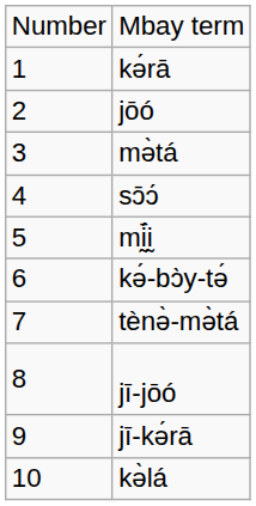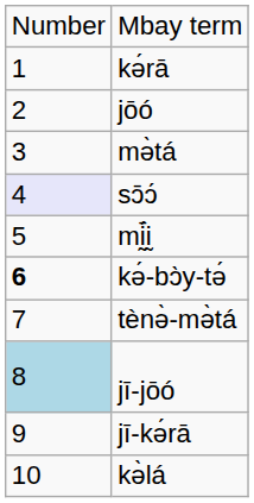 <table class="wikitable">
 <tr>
 <td>Number</td>
 <td>Mbay term</td>
 </tr>
 <tr>
 <td>1</td>
 <td>kə́rā</td>
 </tr>
 <tr>
 <td>2</td>
 <td>jōó</td>
 </tr>
 <tr>
 <td>3</td>
 <td>mə̀tá</td>
 </tr>
 <tr>
-<td>4</td>
+<td style="background: lavender;">4</td>
 <td>sɔ̄ɔ́</td>
 </tr>
 <tr>
 <td>5</td>
 <td>mḭ̄́ḭ</td>
 </tr>
 <tr>
-<td>6</td>
+<td><strong>6</strong></td>
 <td>kə́-bɔ̀y-tə́</td>
 </tr>
 <tr>
 <td>7</td>
 <td>tènə̀-mə̀tá</td>
 </tr>
 <tr>
-<td>8</td>
+<td style="background: lightblue;">8</td>
 <td><br>jī-jōó</td>
 </tr>
 <tr>
 <td>9</td>
 <td>jī-kə́rā</td>
 </tr>
 <tr>
 <td>10</td>
 <td>kə̀lá</td>
 </tr>
 </table>
